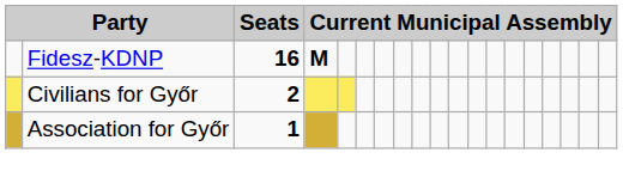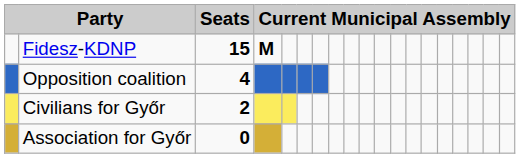 <table class="wikitable">
 <tr>
 <th style="background:#ccc" colspan="2">Party</th>
 <th style="background:#ccc">Seats</th>
 <th style="background:#ccc" colspan="16">Current Municipal Assembly</th>
 </tr>
 <tr>
 <td style="background-color: "> </td>
 <td><a href='#'>Fidesz</a>-<a href='#'>KDNP</a></td>
-<td style="text-align: right"><strong>16</strong></td>
+<td style="text-align: right"><strong>15</strong></td>
 <td style="background-color: "><span><strong>M</strong></span></td>
 <td style="background-color: "> </td>
 <td style="background-color: "> </td>
 <td style="background-color: "> </td>
 <td style="background-color: "> </td>
 <td style="background-color: "> </td>
 <td style="background-color: "> </td>
 <td style="background-color: "> </td>
 <td style="background-color: "> </td>
 <td style="background-color: "> </td>
 <td style="background-color: "> </td>
 <td style="background-color: "> </td>
 <td style="background-color: "> </td>
 <td style="background-color: "> </td>
 <td style="background-color: "> </td>
 <td style="background-color: "> </td>
+</tr>
+<tr>
+<td style="background-color: #2D68C4"> </td>
+<td>Opposition coalition</td>
+<td style="text-align: right"><strong>4</strong></td>
+<td style="background-color: #2D68C4"> </td>
+<td style="background-color: #2D68C4"> </td>
+<td style="background-color: #2D68C4"> </td>
+<td style="background-color: #2D68C4"> </td>
+<td> </td>
+<td> </td>
+<td> </td>
+<td> </td>
+<td> </td>
+<td> </td>
+<td> </td>
+<td> </td>
+<td> </td>
+<td> </td>
+<td> </td>
+<td> </td>
 </tr>
 <tr>
 <td style="background-color: #FBEC5D"> </td>
 <td>Civilians for Győr</td>
 <td style="text-align: right"><strong>2</strong></td>
 <td style="background-color: #FBEC5D"> </td>
 <td style="background-color: #FBEC5D"> </td>
 <td> </td>
 <td> </td>
 <td> </td>
 <td> </td>
 <td> </td>
 <td> </td>
 <td> </td>
 <td> </td>
 <td> </td>
 <td> </td>
 <td> </td>
 <td> </td>
 <td> </td>
 <td> </td>
 </tr>
 <tr>
 <td style="background-color: #D4AF37"> </td>
 <td>Association for Győr</td>
-<td style="text-align: right"><strong>1</strong></td>
+<td style="text-align: right"><strong>0</strong></td>
 <td style="background-color: #D4AF37"> </td>
 <td> </td>
 <td> </td>
 <td> </td>
 <td> </td>
 <td> </td>
 <td> </td>
 <td> </td>
 <td> </td>
 <td> </td>
 <td> </td>
 <td> </td>
 <td> </td>
 <td> </td>
 <td> </td>
 <td> </td>
 </tr>
 </table>
